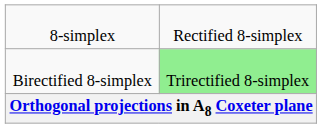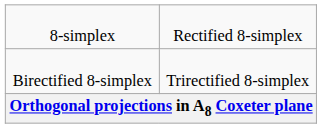 <table class=wikitable align=right style="margin-left:1em;">
 <tr align=center valign=top>
 <td><br>8-simplex</td>
 <td><br>Rectified 8-simplex</td>
 </tr>
 <tr align=center valign=top>
 <td><br>Birectified 8-simplex</td>
-<td style="background: lightgreen;"><br>Trirectified 8-simplex</td>
+<td><br>Trirectified 8-simplex</td>
 </tr>
 <tr>
 <th colspan=4><a href='#'>Orthogonal projections</a> in A<sub>8</sub> <a href='#'>Coxeter plane</a></th>
 </tr>
 </table>
